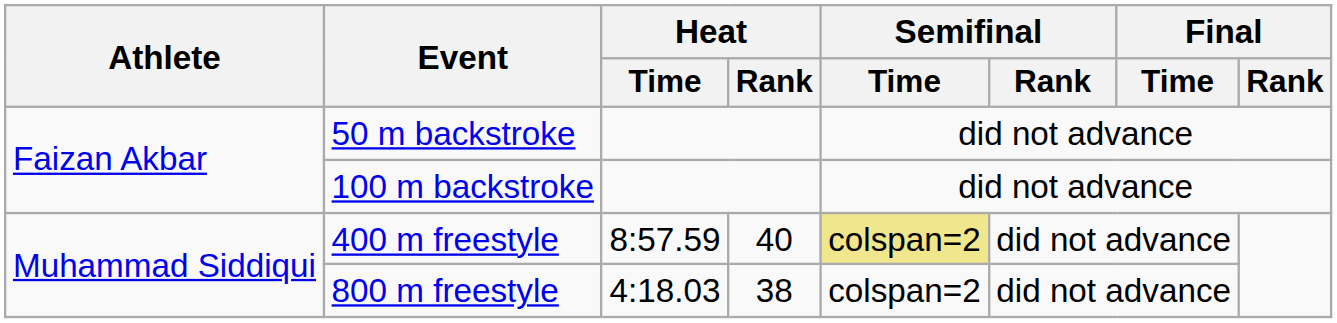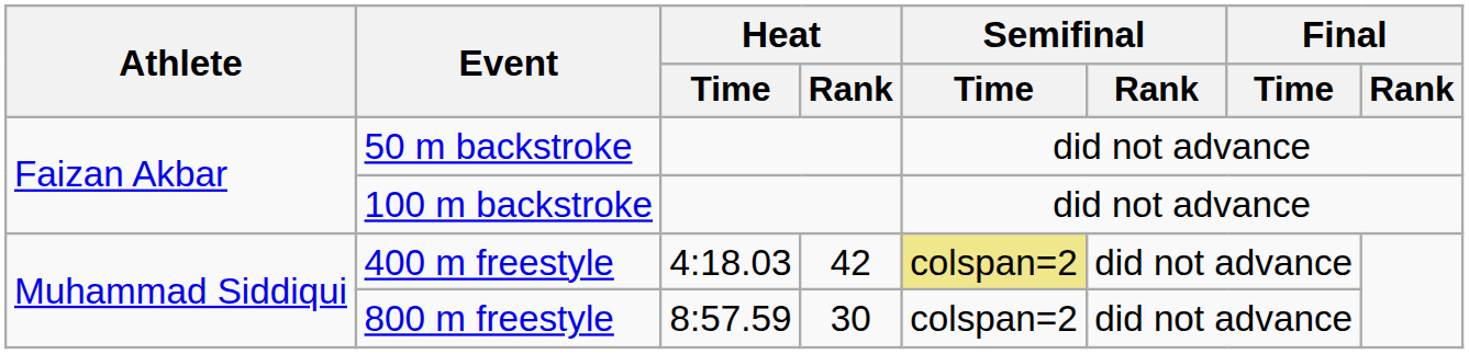 <table class="wikitable" style="text-align:center; font-size:90%">
 <tr>
 <th rowspan="2">Athlete</th>
 <th rowspan="2">Event</th>
 <th colspan="2">Heat</th>
 <th colspan="2">Semifinal</th>
 <th colspan="2">Final</th>
 </tr>
 <tr style="font-size:95%">
 <th>Time</th>
 <th>Rank</th>
 <th>Time</th>
 <th>Rank</th>
 <th>Time</th>
 <th>Rank</th>
 </tr>
 <tr>
 <td align=left rowspan=2><a href='#'>Faizan Akbar</a></td>
 <td align=left><a href='#'>50 m backstroke</a></td>
 <td colspan=2></td>
 <td colspan=4>did not advance</td>
 </tr>
 <tr>
 <td align=left><a href='#'>100 m backstroke</a></td>
 <td colspan=2></td>
 <td colspan=4>did not advance</td>
 </tr>
 <tr>
 <td align=left rowspan=2><a href='#'>Muhammad Siddiqui</a></td>
 <td align=left><a href='#'>400 m freestyle</a></td>
-<td>8:57.59</td>
-<td>40</td>
+<td>4:18.03</td>
+<td>42</td>
 <td style="background: khaki;">colspan=2 </td>
 <td colspan=2>did not advance</td>
 </tr>
 <tr>
 <td align=left><a href='#'>800 m freestyle</a></td>
-<td>4:18.03</td>
-<td>38</td>
+<td>8:57.59</td>
+<td>30</td>
 <td>colspan=2 </td>
 <td colspan=2>did not advance</td>
 </tr>
 </table>
